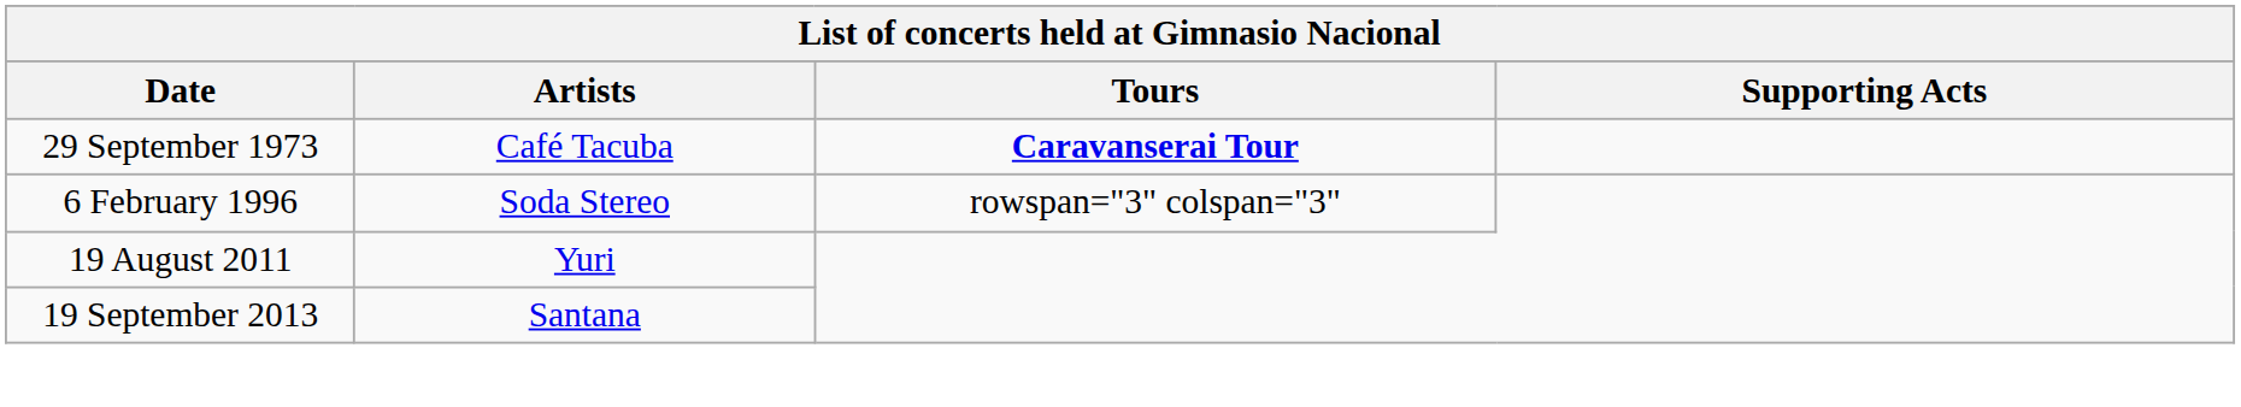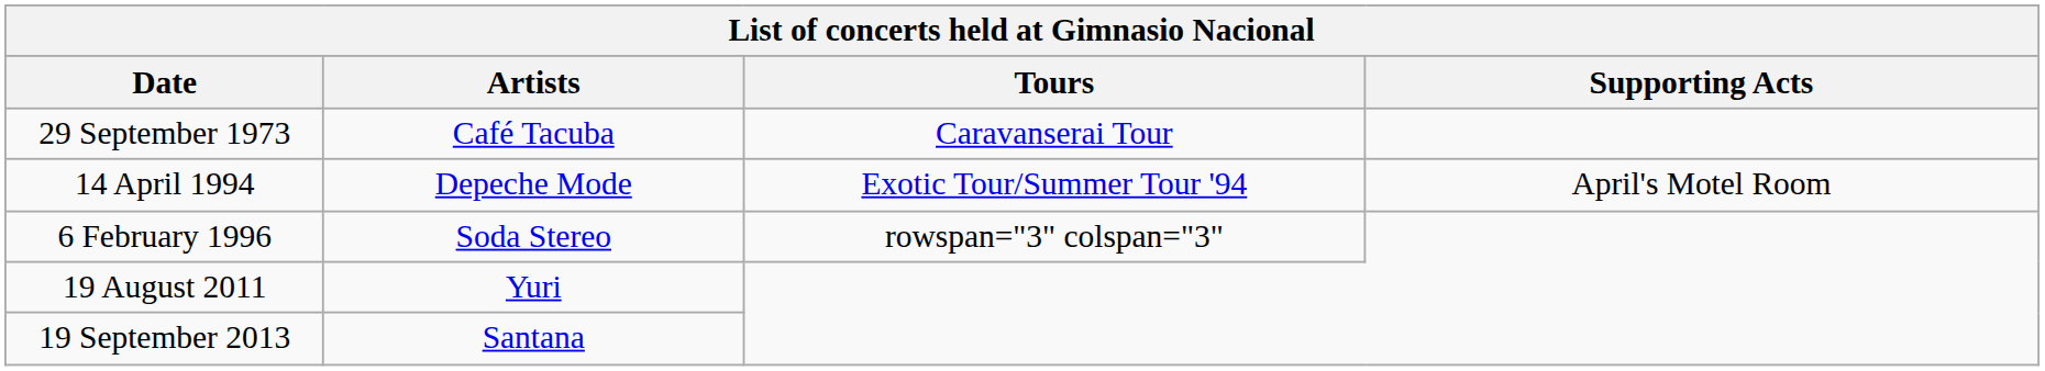 <table class="wikitable collapsible collapsed" style="text-align:center;">
 <tr>
 <th colspan="4">List of concerts held at Gimnasio Nacional</th>
 </tr>
 <tr>
 <th style="width:150px;">Date</th>
 <th style="width:200px;">Artists</th>
 <th style="width:300px;">Tours</th>
 <th style="width:325px;">Supporting Acts</th>
 </tr>
 <tr>
 <td>29 September 1973</td>
 <td><a href='#'>Café Tacuba</a></td>
-<td><strong><a href='#'>Caravanserai Tour</a></strong></td>
+<td><a href='#'>Caravanserai Tour</a></td>
 <td></td>
+</tr>
+<tr>
+<td>14 April 1994</td>
+<td><a href='#'>Depeche Mode</a></td>
+<td><a href='#'>Exotic Tour/Summer Tour '94</a></td>
+<td>April's Motel Room</td>
 </tr>
 <tr>
 <td>6 February 1996</td>
 <td><a href='#'>Soda Stereo</a></td>
 <td>rowspan="3" colspan="3" </td>
 </tr>
 <tr>
 <td>19 August 2011</td>
 <td><a href='#'>Yuri</a></td>
 </tr>
 <tr>
 <td>19 September 2013</td>
 <td><a href='#'>Santana</a></td>
 </tr>
 </table>
